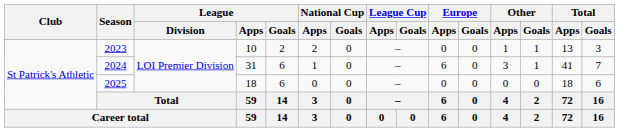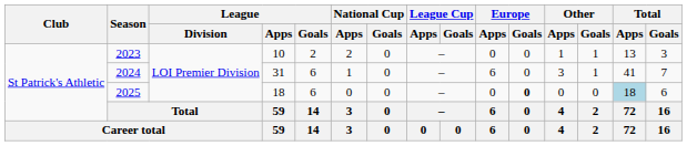 <table class="wikitable" style="text-align:center">
 <tr>
 <th rowspan=2>Club</th>
 <th rowspan=2>Season</th>
 <th colspan=3>League</th>
 <th colspan=2>National Cup</th>
 <th colspan=2><a href='#'>League Cup</a></th>
 <th colspan=2><a href='#'>Europe</a></th>
 <th colspan=2>Other</th>
 <th colspan=2>Total</th>
 </tr>
 <tr>
 <th>Division</th>
 <th>Apps</th>
 <th>Goals</th>
 <th>Apps</th>
 <th>Goals</th>
 <th>Apps</th>
 <th>Goals</th>
 <th>Apps</th>
 <th>Goals</th>
 <th>Apps</th>
 <th>Goals</th>
 <th>Apps</th>
 <th>Goals</th>
 </tr>
 <tr>
 <td rowspan="4"><a href='#'>St Patrick's Athletic</a></td>
 <td><a href='#'>2023</a></td>
 <td rowspan="3"><a href='#'>LOI Premier Division</a></td>
 <td>10</td>
 <td>2</td>
 <td>2</td>
 <td>0</td>
 <td colspan="2">–</td>
 <td>0</td>
 <td>0</td>
 <td>1</td>
 <td>1</td>
 <td>13</td>
 <td>3</td>
 </tr>
 <tr>
 <td><a href='#'>2024</a></td>
 <td>31</td>
 <td>6</td>
 <td>1</td>
 <td>0</td>
 <td colspan="2">–</td>
 <td>6</td>
 <td>0</td>
 <td>3</td>
 <td>1</td>
 <td>41</td>
 <td>7</td>
 </tr>
 <tr>
 <td><a href='#'>2025</a></td>
 <td>18</td>
 <td>6</td>
 <td>0</td>
 <td>0</td>
 <td colspan="2">–</td>
 <td>0</td>
+<td><strong>0</strong></td>
 <td>0</td>
 <td>0</td>
-<td>0</td>
-<td>18</td>
+<td style="background: lightblue;">18</td>
 <td>6</td>
 </tr>
 <tr>
 <th colspan=2>Total</th>
 <th>59</th>
 <th>14</th>
 <th>3</th>
 <th>0</th>
 <th colspan="2">–</th>
 <th>6</th>
 <th>0</th>
 <th>4</th>
 <th>2</th>
 <th>72</th>
 <th>16</th>
 </tr>
 <tr>
 <th colspan=3>Career total</th>
 <th>59</th>
 <th>14</th>
 <th>3</th>
 <th>0</th>
 <th>0</th>
 <th>0</th>
 <th>6</th>
 <th>0</th>
 <th>4</th>
 <th>2</th>
 <th>72</th>
 <th>16</th>
 </tr>
 </table>
